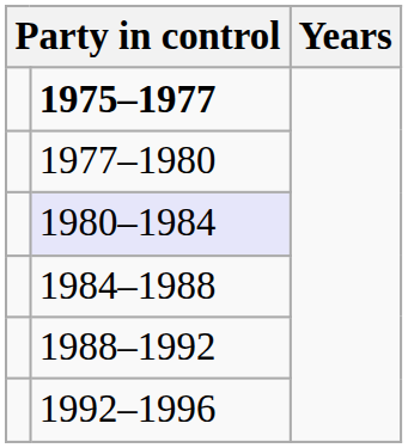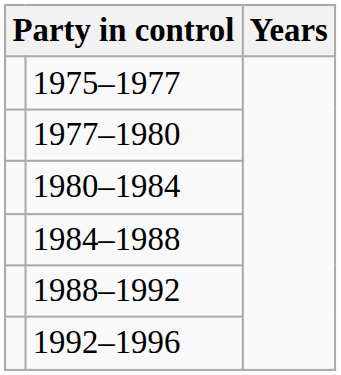 <table class="wikitable">
 <tr>
 <th colspan="2">Party in control</th>
 <th>Years</th>
 </tr>
 <tr>
 <td></td>
-<td><strong>1975–1977</strong></td>
+<td>1975–1977</td>
 </tr>
 <tr>
 <td></td>
 <td>1977–1980</td>
 </tr>
 <tr>
 <td></td>
-<td style="background: lavender;">1980–1984</td>
+<td>1980–1984</td>
 </tr>
 <tr>
 <td></td>
 <td>1984–1988</td>
 </tr>
 <tr>
 <td></td>
 <td>1988–1992</td>
 </tr>
 <tr>
 <td></td>
 <td>1992–1996</td>
 </tr>
 </table>
